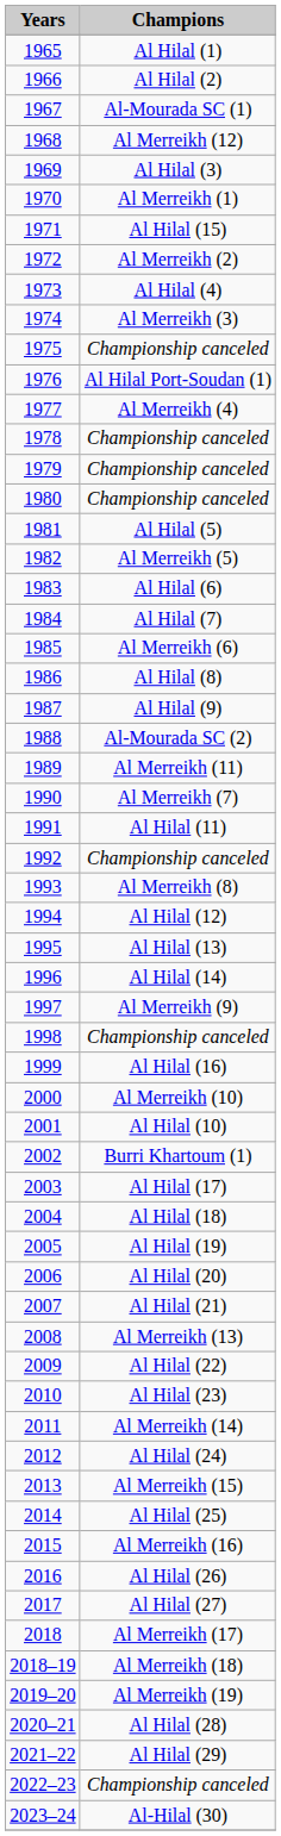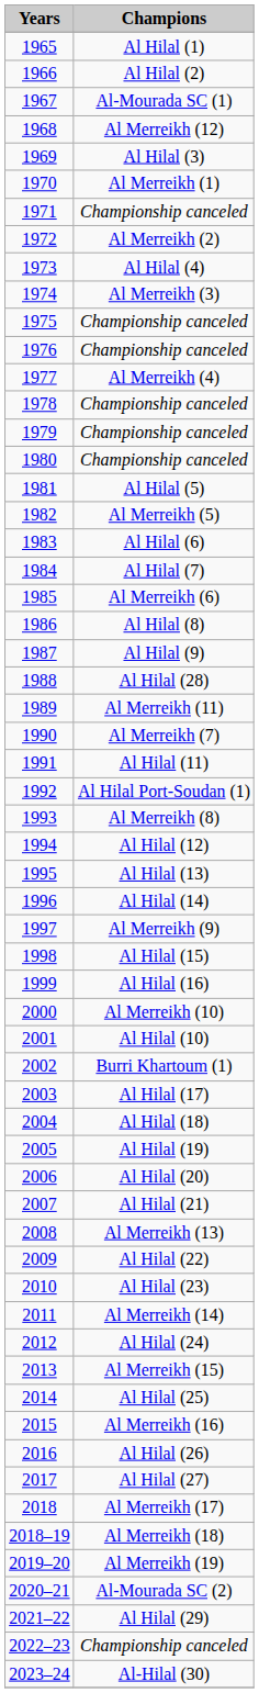 <table class="wikitable" style="text-align: center;">
 <tr bgcolor="#CCCCCC">
 <td><strong>Years</strong></td>
 <td><strong>Champions</strong></td>
 </tr>
 <tr bgcolor="#EFEFEF">
 </tr>
 <tr>
 <td><a href='#'>1965</a></td>
 <td><a href='#'>Al Hilal</a> (1)</td>
 </tr>
 <tr>
 <td><a href='#'>1966</a></td>
 <td><a href='#'>Al Hilal</a> (2)</td>
 </tr>
 <tr>
 <td><a href='#'>1967</a></td>
 <td><a href='#'>Al-Mourada SC</a> (1)</td>
 </tr>
 <tr>
 <td><a href='#'>1968</a></td>
 <td><a href='#'>Al Merreikh</a> (12)</td>
 </tr>
 <tr>
 <td><a href='#'>1969</a></td>
 <td><a href='#'>Al Hilal</a> (3)</td>
 </tr>
 <tr>
 <td><a href='#'>1970</a></td>
 <td><a href='#'>Al Merreikh</a> (1)</td>
 </tr>
 <tr>
 <td><a href='#'>1971</a></td>
-<td><a href='#'>Al Hilal</a> (15)</td>
+<td><em>Championship canceled</em></td>
 </tr>
 <tr>
 <td><a href='#'>1972</a></td>
 <td><a href='#'>Al Merreikh</a> (2)</td>
 </tr>
 <tr>
 <td><a href='#'>1973</a></td>
 <td><a href='#'>Al Hilal</a> (4)</td>
 </tr>
 <tr>
 <td><a href='#'>1974</a></td>
 <td><a href='#'>Al Merreikh</a>  (3)</td>
 </tr>
 <tr>
 <td><a href='#'>1975</a></td>
 <td><em>Championship canceled</em></td>
 </tr>
 <tr>
 <td><a href='#'>1976</a></td>
-<td><a href='#'>Al Hilal Port-Soudan</a> (1)</td>
+<td><em>Championship canceled</em></td>
 </tr>
 <tr>
 <td><a href='#'>1977</a></td>
 <td><a href='#'>Al Merreikh</a> (4)</td>
 </tr>
 <tr>
 <td><a href='#'>1978</a></td>
 <td><em>Championship canceled</em></td>
 </tr>
 <tr>
 <td><a href='#'>1979</a></td>
 <td><em>Championship canceled</em></td>
 </tr>
 <tr>
 <td><a href='#'>1980</a></td>
 <td><em>Championship canceled</em></td>
 </tr>
 <tr>
 <td><a href='#'>1981</a></td>
 <td><a href='#'>Al Hilal</a> (5)</td>
 </tr>
 <tr>
 <td><a href='#'>1982</a></td>
 <td><a href='#'>Al Merreikh</a> (5)</td>
 </tr>
 <tr>
 <td><a href='#'>1983</a></td>
 <td><a href='#'>Al Hilal</a> (6)</td>
 </tr>
 <tr>
 <td><a href='#'>1984</a></td>
 <td><a href='#'>Al Hilal</a> (7)</td>
 </tr>
 <tr>
 <td><a href='#'>1985</a></td>
 <td><a href='#'>Al Merreikh</a> (6)</td>
 </tr>
 <tr>
 <td><a href='#'>1986</a></td>
 <td><a href='#'>Al Hilal</a> (8)</td>
 </tr>
 <tr>
 <td><a href='#'>1987</a></td>
 <td><a href='#'>Al Hilal</a> (9)</td>
 </tr>
 <tr>
 <td><a href='#'>1988</a></td>
-<td><a href='#'>Al-Mourada SC</a> (2)</td>
+<td><a href='#'>Al Hilal</a> (28)</td>
 </tr>
 <tr>
 <td><a href='#'>1989</a></td>
 <td><a href='#'>Al Merreikh</a> (11)</td>
 </tr>
 <tr>
 <td><a href='#'>1990</a></td>
 <td><a href='#'>Al Merreikh</a> (7)</td>
 </tr>
 <tr>
 <td><a href='#'>1991</a></td>
 <td><a href='#'>Al Hilal</a> (11)</td>
 </tr>
 <tr>
 <td><a href='#'>1992</a></td>
-<td><em>Championship canceled</em></td>
+<td><a href='#'>Al Hilal Port-Soudan</a> (1)</td>
 </tr>
 <tr>
 <td><a href='#'>1993</a></td>
 <td><a href='#'>Al Merreikh</a> (8)</td>
 </tr>
 <tr>
 <td><a href='#'>1994</a></td>
 <td><a href='#'>Al Hilal</a> (12)</td>
 </tr>
 <tr>
 <td><a href='#'>1995</a></td>
 <td><a href='#'>Al Hilal</a> (13)</td>
 </tr>
 <tr>
 <td><a href='#'>1996</a></td>
 <td><a href='#'>Al Hilal</a> (14)</td>
 </tr>
 <tr>
 <td><a href='#'>1997</a></td>
 <td><a href='#'>Al Merreikh</a> (9)</td>
 </tr>
 <tr>
 <td><a href='#'>1998</a></td>
-<td><em>Championship canceled</em></td>
+<td><a href='#'>Al Hilal</a> (15)</td>
 </tr>
 <tr>
 <td><a href='#'>1999</a></td>
 <td><a href='#'>Al Hilal</a> (16)</td>
 </tr>
 <tr>
 <td><a href='#'>2000</a></td>
 <td><a href='#'>Al Merreikh</a> (10)</td>
 </tr>
 <tr>
 <td><a href='#'>2001</a></td>
 <td><a href='#'>Al Hilal</a> (10)</td>
 </tr>
 <tr>
 <td><a href='#'>2002</a></td>
 <td><a href='#'>Burri Khartoum</a> (1)</td>
 </tr>
 <tr>
 <td><a href='#'>2003</a></td>
 <td><a href='#'>Al Hilal</a> (17)</td>
 </tr>
 <tr>
 <td><a href='#'>2004</a></td>
 <td><a href='#'>Al Hilal</a> (18)</td>
 </tr>
 <tr>
 <td><a href='#'>2005</a></td>
 <td><a href='#'>Al Hilal</a> (19)</td>
 </tr>
 <tr>
 <td><a href='#'>2006</a></td>
 <td><a href='#'>Al Hilal</a> (20)</td>
 </tr>
 <tr>
 <td><a href='#'>2007</a></td>
 <td><a href='#'>Al Hilal</a> (21)</td>
 </tr>
 <tr>
 <td><a href='#'>2008</a></td>
 <td><a href='#'>Al Merreikh</a> (13)</td>
 </tr>
 <tr>
 <td><a href='#'>2009</a></td>
 <td><a href='#'>Al Hilal</a> (22)</td>
 </tr>
 <tr>
 <td><a href='#'>2010</a></td>
 <td><a href='#'>Al Hilal</a> (23)</td>
 </tr>
 <tr>
 <td><a href='#'>2011</a></td>
 <td><a href='#'>Al Merreikh</a> (14)</td>
 </tr>
 <tr>
 <td><a href='#'>2012</a></td>
 <td><a href='#'>Al Hilal</a> (24)</td>
 </tr>
 <tr>
 <td><a href='#'>2013</a></td>
 <td><a href='#'>Al Merreikh</a> (15)</td>
 </tr>
 <tr>
 <td><a href='#'>2014</a></td>
 <td><a href='#'>Al Hilal</a> (25)</td>
 </tr>
 <tr>
 <td><a href='#'>2015</a></td>
 <td><a href='#'>Al Merreikh</a> (16)</td>
 </tr>
 <tr>
 <td><a href='#'>2016</a></td>
 <td><a href='#'>Al Hilal</a> (26)</td>
 </tr>
 <tr>
 <td><a href='#'>2017</a></td>
 <td><a href='#'>Al Hilal</a> (27)</td>
 </tr>
 <tr>
 <td><a href='#'>2018</a></td>
 <td><a href='#'>Al Merreikh</a> (17)</td>
 </tr>
 <tr>
 <td><a href='#'>2018–19</a></td>
 <td><a href='#'>Al Merreikh</a> (18)</td>
 </tr>
 <tr>
 <td><a href='#'>2019–20</a></td>
 <td><a href='#'>Al Merreikh</a> (19)</td>
 </tr>
 <tr>
 <td><a href='#'>2020–21</a></td>
-<td><a href='#'>Al Hilal</a> (28)</td>
+<td><a href='#'>Al-Mourada SC</a> (2)</td>
 </tr>
 <tr>
 <td><a href='#'>2021–22</a></td>
 <td><a href='#'>Al Hilal</a> (29)</td>
 </tr>
 <tr>
 <td><a href='#'>2022–23</a></td>
 <td><em>Championship canceled</em></td>
 </tr>
 <tr>
 <td><a href='#'>2023–24</a></td>
 <td><a href='#'>Al-Hilal</a> (30)</td>
 </tr>
 <tr>
 </tr>
 </table>
